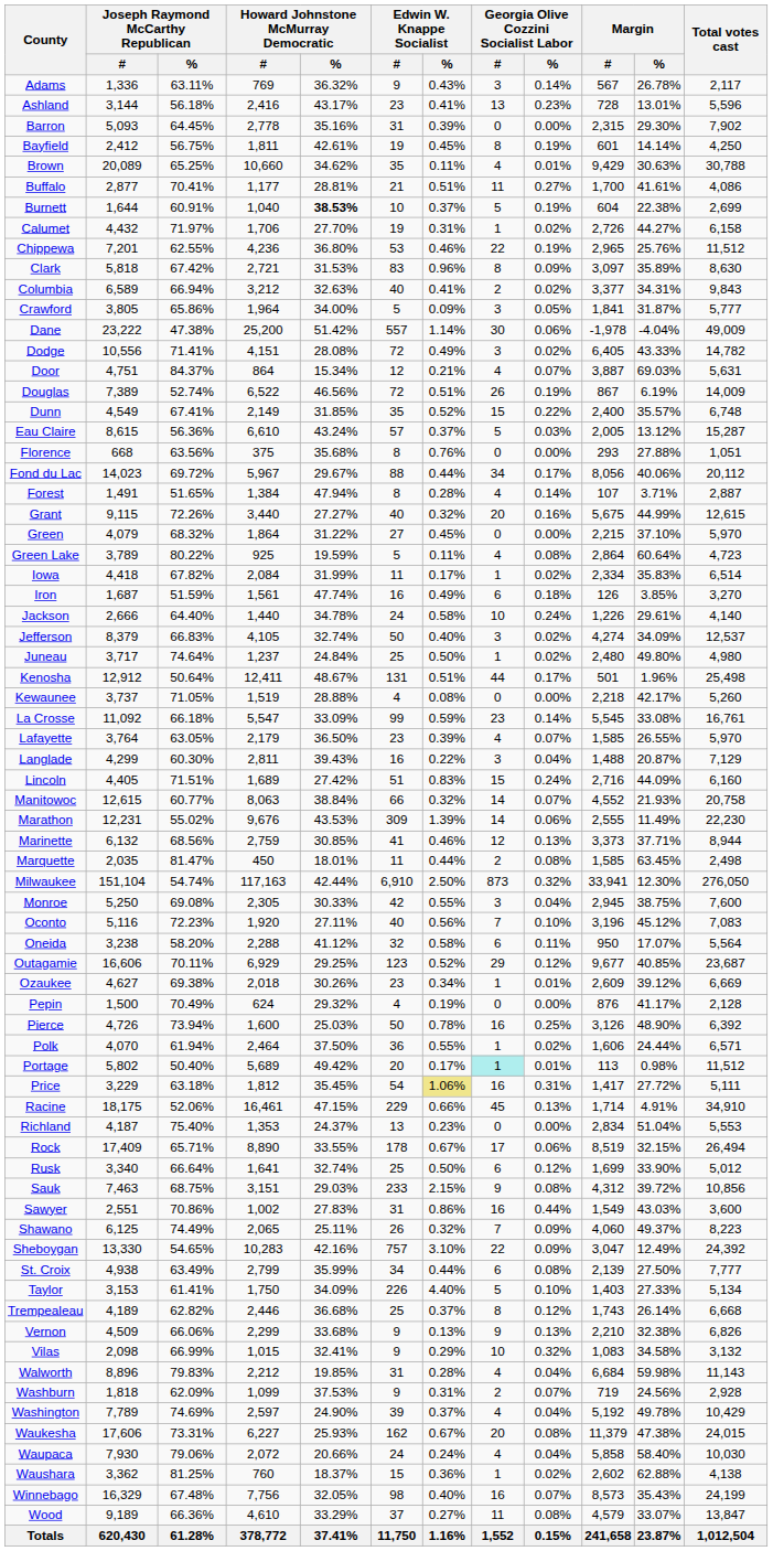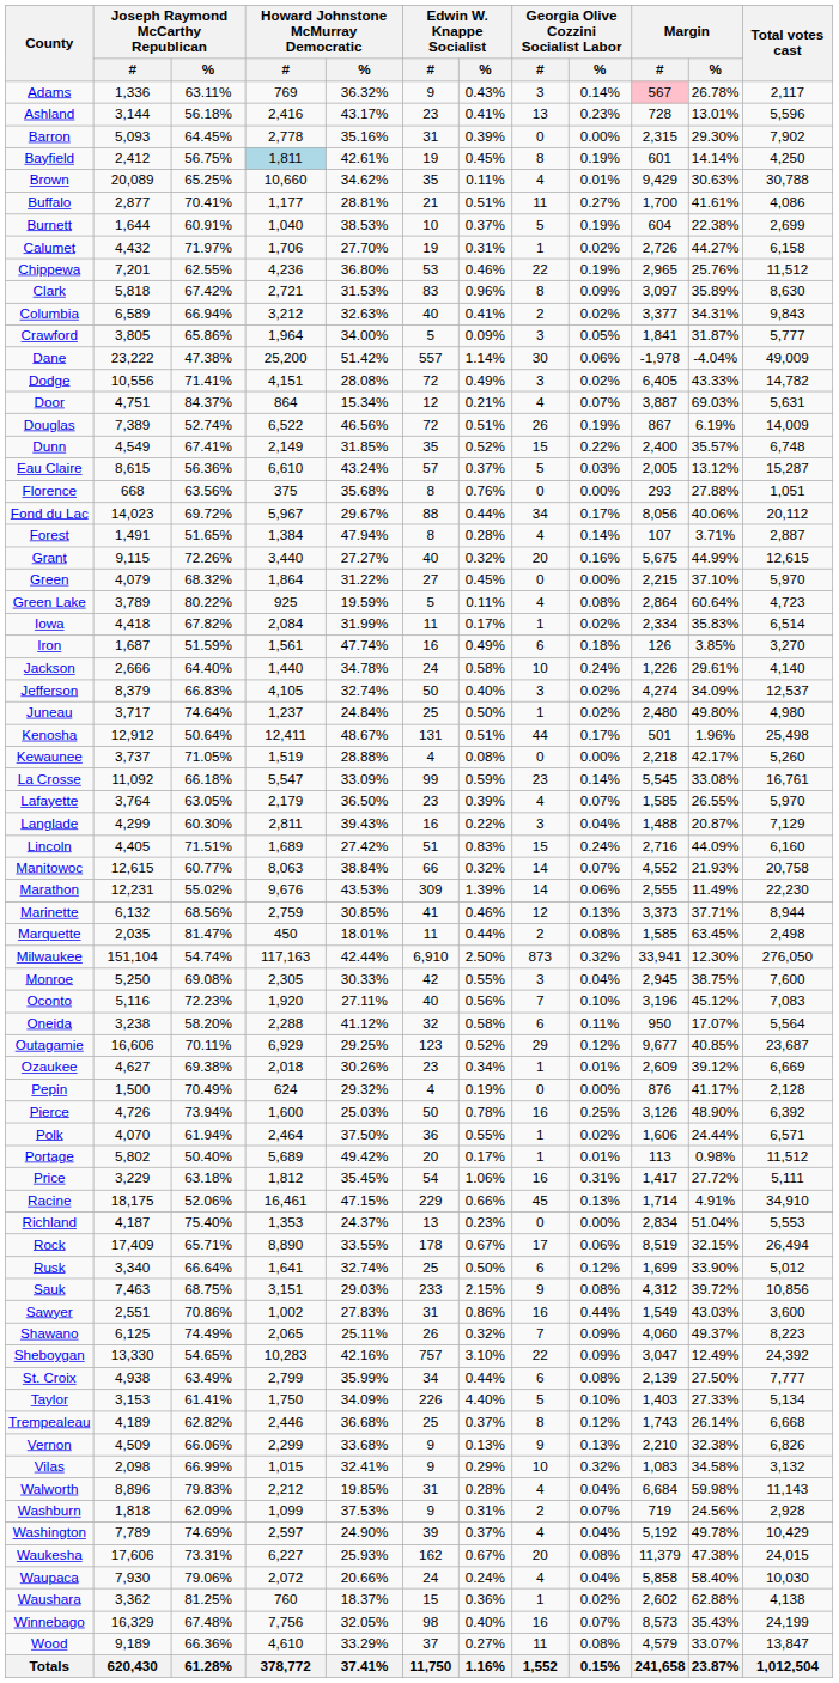 <table width="75%"  class="wikitable sortable" style="text-align:center">
 <tr>
 <th style="text-align:center;" rowspan="2">County</th>
 <th style="text-align:center;" colspan="2">Joseph Raymond McCarthy<br>Republican</th>
 <th style="text-align:center;" colspan="2">Howard Johnstone McMurray<br>Democratic</th>
 <th style="text-align:center;" colspan="2">Edwin W. Knappe<br>Socialist</th>
 <th style="text-align:center;" colspan="2">Georgia Olive Cozzini<br>Socialist Labor</th>
 <th style="text-align:center;" colspan="2">Margin</th>
 <th style="text-align:center;" rowspan="2">Total votes cast</th>
 </tr>
 <tr>
 <th style="text-align:center;" data-sort-type="number">#</th>
 <th style="text-align:center;" data-sort-type="number">%</th>
 <th style="text-align:center;" data-sort-type="number">#</th>
 <th style="text-align:center;" data-sort-type="number">%</th>
 <th style="text-align:center;" data-sort-type="number">#</th>
 <th style="text-align:center;" data-sort-type="number">%</th>
 <th style="text-align:center;" data-sort-type="number">#</th>
 <th style="text-align:center;" data-sort-type="number">%</th>
 <th style="text-align:center;" data-sort-type="number">#</th>
 <th style="text-align:center;" data-sort-type="number">%</th>
 </tr>
 <tr style="text-align:center;">
 <td><a href='#'>Adams</a></td>
 <td>1,336</td>
 <td>63.11%</td>
 <td>769</td>
 <td>36.32%</td>
 <td>9</td>
 <td>0.43%</td>
 <td>3</td>
 <td>0.14%</td>
-<td>567</td>
+<td style="background: pink;">567</td>
 <td>26.78%</td>
 <td>2,117</td>
 </tr>
 <tr style="text-align:center;">
 <td><a href='#'>Ashland</a></td>
 <td>3,144</td>
 <td>56.18%</td>
 <td>2,416</td>
 <td>43.17%</td>
 <td>23</td>
 <td>0.41%</td>
 <td>13</td>
 <td>0.23%</td>
 <td>728</td>
 <td>13.01%</td>
 <td>5,596</td>
 </tr>
 <tr style="text-align:center;">
 <td><a href='#'>Barron</a></td>
 <td>5,093</td>
 <td>64.45%</td>
 <td>2,778</td>
 <td>35.16%</td>
 <td>31</td>
 <td>0.39%</td>
 <td>0</td>
 <td>0.00%</td>
 <td>2,315</td>
 <td>29.30%</td>
 <td>7,902</td>
 </tr>
 <tr style="text-align:center;">
 <td><a href='#'>Bayfield</a></td>
 <td>2,412</td>
 <td>56.75%</td>
-<td>1,811</td>
+<td style="background: lightblue;">1,811</td>
 <td>42.61%</td>
 <td>19</td>
 <td>0.45%</td>
 <td>8</td>
 <td>0.19%</td>
 <td>601</td>
 <td>14.14%</td>
 <td>4,250</td>
 </tr>
 <tr style="text-align:center;">
 <td><a href='#'>Brown</a></td>
 <td>20,089</td>
 <td>65.25%</td>
 <td>10,660</td>
 <td>34.62%</td>
 <td>35</td>
 <td>0.11%</td>
 <td>4</td>
 <td>0.01%</td>
 <td>9,429</td>
 <td>30.63%</td>
 <td>30,788</td>
 </tr>
 <tr style="text-align:center;">
 <td><a href='#'>Buffalo</a></td>
 <td>2,877</td>
 <td>70.41%</td>
 <td>1,177</td>
 <td>28.81%</td>
 <td>21</td>
 <td>0.51%</td>
 <td>11</td>
 <td>0.27%</td>
 <td>1,700</td>
 <td>41.61%</td>
 <td>4,086</td>
 </tr>
 <tr style="text-align:center;">
 <td><a href='#'>Burnett</a></td>
 <td>1,644</td>
 <td>60.91%</td>
 <td>1,040</td>
-<td><strong>38.53%</strong></td>
+<td>38.53%</td>
 <td>10</td>
 <td>0.37%</td>
 <td>5</td>
 <td>0.19%</td>
 <td>604</td>
 <td>22.38%</td>
 <td>2,699</td>
 </tr>
 <tr style="text-align:center;">
 <td><a href='#'>Calumet</a></td>
 <td>4,432</td>
 <td>71.97%</td>
 <td>1,706</td>
 <td>27.70%</td>
 <td>19</td>
 <td>0.31%</td>
 <td>1</td>
 <td>0.02%</td>
 <td>2,726</td>
 <td>44.27%</td>
 <td>6,158</td>
 </tr>
 <tr style="text-align:center;">
 <td><a href='#'>Chippewa</a></td>
 <td>7,201</td>
 <td>62.55%</td>
 <td>4,236</td>
 <td>36.80%</td>
 <td>53</td>
 <td>0.46%</td>
 <td>22</td>
 <td>0.19%</td>
 <td>2,965</td>
 <td>25.76%</td>
 <td>11,512</td>
 </tr>
 <tr style="text-align:center;">
 <td><a href='#'>Clark</a></td>
 <td>5,818</td>
 <td>67.42%</td>
 <td>2,721</td>
 <td>31.53%</td>
 <td>83</td>
 <td>0.96%</td>
 <td>8</td>
 <td>0.09%</td>
 <td>3,097</td>
 <td>35.89%</td>
 <td>8,630</td>
 </tr>
 <tr style="text-align:center;">
 <td><a href='#'>Columbia</a></td>
 <td>6,589</td>
 <td>66.94%</td>
 <td>3,212</td>
 <td>32.63%</td>
 <td>40</td>
 <td>0.41%</td>
 <td>2</td>
 <td>0.02%</td>
 <td>3,377</td>
 <td>34.31%</td>
 <td>9,843</td>
 </tr>
 <tr style="text-align:center;">
 <td><a href='#'>Crawford</a></td>
 <td>3,805</td>
 <td>65.86%</td>
 <td>1,964</td>
 <td>34.00%</td>
 <td>5</td>
 <td>0.09%</td>
 <td>3</td>
 <td>0.05%</td>
 <td>1,841</td>
 <td>31.87%</td>
 <td>5,777</td>
 </tr>
 <tr style="text-align:center;">
 <td><a href='#'>Dane</a></td>
 <td>23,222</td>
 <td>47.38%</td>
 <td>25,200</td>
 <td>51.42%</td>
 <td>557</td>
 <td>1.14%</td>
 <td>30</td>
 <td>0.06%</td>
 <td>-1,978</td>
 <td>-4.04%</td>
 <td>49,009</td>
 </tr>
 <tr style="text-align:center;">
 <td><a href='#'>Dodge</a></td>
 <td>10,556</td>
 <td>71.41%</td>
 <td>4,151</td>
 <td>28.08%</td>
 <td>72</td>
 <td>0.49%</td>
 <td>3</td>
 <td>0.02%</td>
 <td>6,405</td>
 <td>43.33%</td>
 <td>14,782</td>
 </tr>
 <tr style="text-align:center;">
 <td><a href='#'>Door</a></td>
 <td>4,751</td>
 <td>84.37%</td>
 <td>864</td>
 <td>15.34%</td>
 <td>12</td>
 <td>0.21%</td>
 <td>4</td>
 <td>0.07%</td>
 <td>3,887</td>
 <td>69.03%</td>
 <td>5,631</td>
 </tr>
 <tr style="text-align:center;">
 <td><a href='#'>Douglas</a></td>
 <td>7,389</td>
 <td>52.74%</td>
 <td>6,522</td>
 <td>46.56%</td>
 <td>72</td>
 <td>0.51%</td>
 <td>26</td>
 <td>0.19%</td>
 <td>867</td>
 <td>6.19%</td>
 <td>14,009</td>
 </tr>
 <tr style="text-align:center;">
 <td><a href='#'>Dunn</a></td>
 <td>4,549</td>
 <td>67.41%</td>
 <td>2,149</td>
 <td>31.85%</td>
 <td>35</td>
 <td>0.52%</td>
 <td>15</td>
 <td>0.22%</td>
 <td>2,400</td>
 <td>35.57%</td>
 <td>6,748</td>
 </tr>
 <tr style="text-align:center;">
 <td><a href='#'>Eau Claire</a></td>
 <td>8,615</td>
 <td>56.36%</td>
 <td>6,610</td>
 <td>43.24%</td>
 <td>57</td>
 <td>0.37%</td>
 <td>5</td>
 <td>0.03%</td>
 <td>2,005</td>
 <td>13.12%</td>
 <td>15,287</td>
 </tr>
 <tr style="text-align:center;">
 <td><a href='#'>Florence</a></td>
 <td>668</td>
 <td>63.56%</td>
 <td>375</td>
 <td>35.68%</td>
 <td>8</td>
 <td>0.76%</td>
 <td>0</td>
 <td>0.00%</td>
 <td>293</td>
 <td>27.88%</td>
 <td>1,051</td>
 </tr>
 <tr style="text-align:center;">
 <td><a href='#'>Fond du Lac</a></td>
 <td>14,023</td>
 <td>69.72%</td>
 <td>5,967</td>
 <td>29.67%</td>
 <td>88</td>
 <td>0.44%</td>
 <td>34</td>
 <td>0.17%</td>
 <td>8,056</td>
 <td>40.06%</td>
 <td>20,112</td>
 </tr>
 <tr style="text-align:center;">
 <td><a href='#'>Forest</a></td>
 <td>1,491</td>
 <td>51.65%</td>
 <td>1,384</td>
 <td>47.94%</td>
 <td>8</td>
 <td>0.28%</td>
 <td>4</td>
 <td>0.14%</td>
 <td>107</td>
 <td>3.71%</td>
 <td>2,887</td>
 </tr>
 <tr style="text-align:center;">
 <td><a href='#'>Grant</a></td>
 <td>9,115</td>
 <td>72.26%</td>
 <td>3,440</td>
 <td>27.27%</td>
 <td>40</td>
 <td>0.32%</td>
 <td>20</td>
 <td>0.16%</td>
 <td>5,675</td>
 <td>44.99%</td>
 <td>12,615</td>
 </tr>
 <tr style="text-align:center;">
 <td><a href='#'>Green</a></td>
 <td>4,079</td>
 <td>68.32%</td>
 <td>1,864</td>
 <td>31.22%</td>
 <td>27</td>
 <td>0.45%</td>
 <td>0</td>
 <td>0.00%</td>
 <td>2,215</td>
 <td>37.10%</td>
 <td>5,970</td>
 </tr>
 <tr style="text-align:center;">
 <td><a href='#'>Green Lake</a></td>
 <td>3,789</td>
 <td>80.22%</td>
 <td>925</td>
 <td>19.59%</td>
 <td>5</td>
 <td>0.11%</td>
 <td>4</td>
 <td>0.08%</td>
 <td>2,864</td>
 <td>60.64%</td>
 <td>4,723</td>
 </tr>
 <tr style="text-align:center;">
 <td><a href='#'>Iowa</a></td>
 <td>4,418</td>
 <td>67.82%</td>
 <td>2,084</td>
 <td>31.99%</td>
 <td>11</td>
 <td>0.17%</td>
 <td>1</td>
 <td>0.02%</td>
 <td>2,334</td>
 <td>35.83%</td>
 <td>6,514</td>
 </tr>
 <tr style="text-align:center;">
 <td><a href='#'>Iron</a></td>
 <td>1,687</td>
 <td>51.59%</td>
 <td>1,561</td>
 <td>47.74%</td>
 <td>16</td>
 <td>0.49%</td>
 <td>6</td>
 <td>0.18%</td>
 <td>126</td>
 <td>3.85%</td>
 <td>3,270</td>
 </tr>
 <tr style="text-align:center;">
 <td><a href='#'>Jackson</a></td>
 <td>2,666</td>
 <td>64.40%</td>
 <td>1,440</td>
 <td>34.78%</td>
 <td>24</td>
 <td>0.58%</td>
 <td>10</td>
 <td>0.24%</td>
 <td>1,226</td>
 <td>29.61%</td>
 <td>4,140</td>
 </tr>
 <tr style="text-align:center;">
 <td><a href='#'>Jefferson</a></td>
 <td>8,379</td>
 <td>66.83%</td>
 <td>4,105</td>
 <td>32.74%</td>
 <td>50</td>
 <td>0.40%</td>
 <td>3</td>
 <td>0.02%</td>
 <td>4,274</td>
 <td>34.09%</td>
 <td>12,537</td>
 </tr>
 <tr style="text-align:center;">
 <td><a href='#'>Juneau</a></td>
 <td>3,717</td>
 <td>74.64%</td>
 <td>1,237</td>
 <td>24.84%</td>
 <td>25</td>
 <td>0.50%</td>
 <td>1</td>
 <td>0.02%</td>
 <td>2,480</td>
 <td>49.80%</td>
 <td>4,980</td>
 </tr>
 <tr style="text-align:center;">
 <td><a href='#'>Kenosha</a></td>
 <td>12,912</td>
 <td>50.64%</td>
 <td>12,411</td>
 <td>48.67%</td>
 <td>131</td>
 <td>0.51%</td>
 <td>44</td>
 <td>0.17%</td>
 <td>501</td>
 <td>1.96%</td>
 <td>25,498</td>
 </tr>
 <tr style="text-align:center;">
 <td><a href='#'>Kewaunee</a></td>
 <td>3,737</td>
 <td>71.05%</td>
 <td>1,519</td>
 <td>28.88%</td>
 <td>4</td>
 <td>0.08%</td>
 <td>0</td>
 <td>0.00%</td>
 <td>2,218</td>
 <td>42.17%</td>
 <td>5,260</td>
 </tr>
 <tr style="text-align:center;">
 <td><a href='#'>La Crosse</a></td>
 <td>11,092</td>
 <td>66.18%</td>
 <td>5,547</td>
 <td>33.09%</td>
 <td>99</td>
 <td>0.59%</td>
 <td>23</td>
 <td>0.14%</td>
 <td>5,545</td>
 <td>33.08%</td>
 <td>16,761</td>
 </tr>
 <tr style="text-align:center;">
 <td><a href='#'>Lafayette</a></td>
 <td>3,764</td>
 <td>63.05%</td>
 <td>2,179</td>
 <td>36.50%</td>
 <td>23</td>
 <td>0.39%</td>
 <td>4</td>
 <td>0.07%</td>
 <td>1,585</td>
 <td>26.55%</td>
 <td>5,970</td>
 </tr>
 <tr style="text-align:center;">
 <td><a href='#'>Langlade</a></td>
 <td>4,299</td>
 <td>60.30%</td>
 <td>2,811</td>
 <td>39.43%</td>
 <td>16</td>
 <td>0.22%</td>
 <td>3</td>
 <td>0.04%</td>
 <td>1,488</td>
 <td>20.87%</td>
 <td>7,129</td>
 </tr>
 <tr style="text-align:center;">
 <td><a href='#'>Lincoln</a></td>
 <td>4,405</td>
 <td>71.51%</td>
 <td>1,689</td>
 <td>27.42%</td>
 <td>51</td>
 <td>0.83%</td>
 <td>15</td>
 <td>0.24%</td>
 <td>2,716</td>
 <td>44.09%</td>
 <td>6,160</td>
 </tr>
 <tr style="text-align:center;">
 <td><a href='#'>Manitowoc</a></td>
 <td>12,615</td>
 <td>60.77%</td>
 <td>8,063</td>
 <td>38.84%</td>
 <td>66</td>
 <td>0.32%</td>
 <td>14</td>
 <td>0.07%</td>
 <td>4,552</td>
 <td>21.93%</td>
 <td>20,758</td>
 </tr>
 <tr style="text-align:center;">
 <td><a href='#'>Marathon</a></td>
 <td>12,231</td>
 <td>55.02%</td>
 <td>9,676</td>
 <td>43.53%</td>
 <td>309</td>
 <td>1.39%</td>
 <td>14</td>
 <td>0.06%</td>
 <td>2,555</td>
 <td>11.49%</td>
 <td>22,230</td>
 </tr>
 <tr style="text-align:center;">
 <td><a href='#'>Marinette</a></td>
 <td>6,132</td>
 <td>68.56%</td>
 <td>2,759</td>
 <td>30.85%</td>
 <td>41</td>
 <td>0.46%</td>
 <td>12</td>
 <td>0.13%</td>
 <td>3,373</td>
 <td>37.71%</td>
 <td>8,944</td>
 </tr>
 <tr style="text-align:center;">
 <td><a href='#'>Marquette</a></td>
 <td>2,035</td>
 <td>81.47%</td>
 <td>450</td>
 <td>18.01%</td>
 <td>11</td>
 <td>0.44%</td>
 <td>2</td>
 <td>0.08%</td>
 <td>1,585</td>
 <td>63.45%</td>
 <td>2,498</td>
 </tr>
 <tr style="text-align:center;">
 <td><a href='#'>Milwaukee</a></td>
 <td>151,104</td>
 <td>54.74%</td>
 <td>117,163</td>
 <td>42.44%</td>
 <td>6,910</td>
 <td>2.50%</td>
 <td>873</td>
 <td>0.32%</td>
 <td>33,941</td>
 <td>12.30%</td>
 <td>276,050</td>
 </tr>
 <tr style="text-align:center;">
 <td><a href='#'>Monroe</a></td>
 <td>5,250</td>
 <td>69.08%</td>
 <td>2,305</td>
 <td>30.33%</td>
 <td>42</td>
 <td>0.55%</td>
 <td>3</td>
 <td>0.04%</td>
 <td>2,945</td>
 <td>38.75%</td>
 <td>7,600</td>
 </tr>
 <tr style="text-align:center;">
 <td><a href='#'>Oconto</a></td>
 <td>5,116</td>
 <td>72.23%</td>
 <td>1,920</td>
 <td>27.11%</td>
 <td>40</td>
 <td>0.56%</td>
 <td>7</td>
 <td>0.10%</td>
 <td>3,196</td>
 <td>45.12%</td>
 <td>7,083</td>
 </tr>
 <tr style="text-align:center;">
 <td><a href='#'>Oneida</a></td>
 <td>3,238</td>
 <td>58.20%</td>
 <td>2,288</td>
 <td>41.12%</td>
 <td>32</td>
 <td>0.58%</td>
 <td>6</td>
 <td>0.11%</td>
 <td>950</td>
 <td>17.07%</td>
 <td>5,564</td>
 </tr>
 <tr style="text-align:center;">
 <td><a href='#'>Outagamie</a></td>
 <td>16,606</td>
 <td>70.11%</td>
 <td>6,929</td>
 <td>29.25%</td>
 <td>123</td>
 <td>0.52%</td>
 <td>29</td>
 <td>0.12%</td>
 <td>9,677</td>
 <td>40.85%</td>
 <td>23,687</td>
 </tr>
 <tr style="text-align:center;">
 <td><a href='#'>Ozaukee</a></td>
 <td>4,627</td>
 <td>69.38%</td>
 <td>2,018</td>
 <td>30.26%</td>
 <td>23</td>
 <td>0.34%</td>
 <td>1</td>
 <td>0.01%</td>
 <td>2,609</td>
 <td>39.12%</td>
 <td>6,669</td>
 </tr>
 <tr style="text-align:center;">
 <td><a href='#'>Pepin</a></td>
 <td>1,500</td>
 <td>70.49%</td>
 <td>624</td>
 <td>29.32%</td>
 <td>4</td>
 <td>0.19%</td>
 <td>0</td>
 <td>0.00%</td>
 <td>876</td>
 <td>41.17%</td>
 <td>2,128</td>
 </tr>
 <tr style="text-align:center;">
 <td><a href='#'>Pierce</a></td>
 <td>4,726</td>
 <td>73.94%</td>
 <td>1,600</td>
 <td>25.03%</td>
 <td>50</td>
 <td>0.78%</td>
 <td>16</td>
 <td>0.25%</td>
 <td>3,126</td>
 <td>48.90%</td>
 <td>6,392</td>
 </tr>
 <tr style="text-align:center;">
 <td><a href='#'>Polk</a></td>
 <td>4,070</td>
 <td>61.94%</td>
 <td>2,464</td>
 <td>37.50%</td>
 <td>36</td>
 <td>0.55%</td>
 <td>1</td>
 <td>0.02%</td>
 <td>1,606</td>
 <td>24.44%</td>
 <td>6,571</td>
 </tr>
 <tr style="text-align:center;">
 <td><a href='#'>Portage</a></td>
 <td>5,802</td>
 <td>50.40%</td>
 <td>5,689</td>
 <td>49.42%</td>
 <td>20</td>
 <td>0.17%</td>
-<td style="background: paleturquoise;">1</td>
+<td>1</td>
 <td>0.01%</td>
 <td>113</td>
 <td>0.98%</td>
 <td>11,512</td>
 </tr>
 <tr style="text-align:center;">
 <td><a href='#'>Price</a></td>
 <td>3,229</td>
 <td>63.18%</td>
 <td>1,812</td>
 <td>35.45%</td>
 <td>54</td>
-<td style="background: khaki;">1.06%</td>
+<td>1.06%</td>
 <td>16</td>
 <td>0.31%</td>
 <td>1,417</td>
 <td>27.72%</td>
 <td>5,111</td>
 </tr>
 <tr style="text-align:center;">
 <td><a href='#'>Racine</a></td>
 <td>18,175</td>
 <td>52.06%</td>
 <td>16,461</td>
 <td>47.15%</td>
 <td>229</td>
 <td>0.66%</td>
 <td>45</td>
 <td>0.13%</td>
 <td>1,714</td>
 <td>4.91%</td>
 <td>34,910</td>
 </tr>
 <tr style="text-align:center;">
 <td><a href='#'>Richland</a></td>
 <td>4,187</td>
 <td>75.40%</td>
 <td>1,353</td>
 <td>24.37%</td>
 <td>13</td>
 <td>0.23%</td>
 <td>0</td>
 <td>0.00%</td>
 <td>2,834</td>
 <td>51.04%</td>
 <td>5,553</td>
 </tr>
 <tr style="text-align:center;">
 <td><a href='#'>Rock</a></td>
 <td>17,409</td>
 <td>65.71%</td>
 <td>8,890</td>
 <td>33.55%</td>
 <td>178</td>
 <td>0.67%</td>
 <td>17</td>
 <td>0.06%</td>
 <td>8,519</td>
 <td>32.15%</td>
 <td>26,494</td>
 </tr>
 <tr style="text-align:center;">
 <td><a href='#'>Rusk</a></td>
 <td>3,340</td>
 <td>66.64%</td>
 <td>1,641</td>
 <td>32.74%</td>
 <td>25</td>
 <td>0.50%</td>
 <td>6</td>
 <td>0.12%</td>
 <td>1,699</td>
 <td>33.90%</td>
 <td>5,012</td>
 </tr>
 <tr style="text-align:center;">
 <td><a href='#'>Sauk</a></td>
 <td>7,463</td>
 <td>68.75%</td>
 <td>3,151</td>
 <td>29.03%</td>
 <td>233</td>
 <td>2.15%</td>
 <td>9</td>
 <td>0.08%</td>
 <td>4,312</td>
 <td>39.72%</td>
 <td>10,856</td>
 </tr>
 <tr style="text-align:center;">
 <td><a href='#'>Sawyer</a></td>
 <td>2,551</td>
 <td>70.86%</td>
 <td>1,002</td>
 <td>27.83%</td>
 <td>31</td>
 <td>0.86%</td>
 <td>16</td>
 <td>0.44%</td>
 <td>1,549</td>
 <td>43.03%</td>
 <td>3,600</td>
 </tr>
 <tr style="text-align:center;">
 <td><a href='#'>Shawano</a></td>
 <td>6,125</td>
 <td>74.49%</td>
 <td>2,065</td>
 <td>25.11%</td>
 <td>26</td>
 <td>0.32%</td>
 <td>7</td>
 <td>0.09%</td>
 <td>4,060</td>
 <td>49.37%</td>
 <td>8,223</td>
 </tr>
 <tr style="text-align:center;">
 <td><a href='#'>Sheboygan</a></td>
 <td>13,330</td>
 <td>54.65%</td>
 <td>10,283</td>
 <td>42.16%</td>
 <td>757</td>
 <td>3.10%</td>
 <td>22</td>
 <td>0.09%</td>
 <td>3,047</td>
 <td>12.49%</td>
 <td>24,392</td>
 </tr>
 <tr style="text-align:center;">
 <td><a href='#'>St. Croix</a></td>
 <td>4,938</td>
 <td>63.49%</td>
 <td>2,799</td>
 <td>35.99%</td>
 <td>34</td>
 <td>0.44%</td>
 <td>6</td>
 <td>0.08%</td>
 <td>2,139</td>
 <td>27.50%</td>
 <td>7,777</td>
 </tr>
 <tr style="text-align:center;">
 <td><a href='#'>Taylor</a></td>
 <td>3,153</td>
 <td>61.41%</td>
 <td>1,750</td>
 <td>34.09%</td>
 <td>226</td>
 <td>4.40%</td>
 <td>5</td>
 <td>0.10%</td>
 <td>1,403</td>
 <td>27.33%</td>
 <td>5,134</td>
 </tr>
 <tr style="text-align:center;">
 <td><a href='#'>Trempealeau</a></td>
 <td>4,189</td>
 <td>62.82%</td>
 <td>2,446</td>
 <td>36.68%</td>
 <td>25</td>
 <td>0.37%</td>
 <td>8</td>
 <td>0.12%</td>
 <td>1,743</td>
 <td>26.14%</td>
 <td>6,668</td>
 </tr>
 <tr style="text-align:center;">
 <td><a href='#'>Vernon</a></td>
 <td>4,509</td>
 <td>66.06%</td>
 <td>2,299</td>
 <td>33.68%</td>
 <td>9</td>
 <td>0.13%</td>
 <td>9</td>
 <td>0.13%</td>
 <td>2,210</td>
 <td>32.38%</td>
 <td>6,826</td>
 </tr>
 <tr style="text-align:center;">
 <td><a href='#'>Vilas</a></td>
 <td>2,098</td>
 <td>66.99%</td>
 <td>1,015</td>
 <td>32.41%</td>
 <td>9</td>
 <td>0.29%</td>
 <td>10</td>
 <td>0.32%</td>
 <td>1,083</td>
 <td>34.58%</td>
 <td>3,132</td>
 </tr>
 <tr style="text-align:center;">
 <td><a href='#'>Walworth</a></td>
 <td>8,896</td>
 <td>79.83%</td>
 <td>2,212</td>
 <td>19.85%</td>
 <td>31</td>
 <td>0.28%</td>
 <td>4</td>
 <td>0.04%</td>
 <td>6,684</td>
 <td>59.98%</td>
 <td>11,143</td>
 </tr>
 <tr style="text-align:center;">
 <td><a href='#'>Washburn</a></td>
 <td>1,818</td>
 <td>62.09%</td>
 <td>1,099</td>
 <td>37.53%</td>
 <td>9</td>
 <td>0.31%</td>
 <td>2</td>
 <td>0.07%</td>
 <td>719</td>
 <td>24.56%</td>
 <td>2,928</td>
 </tr>
 <tr style="text-align:center;">
 <td><a href='#'>Washington</a></td>
 <td>7,789</td>
 <td>74.69%</td>
 <td>2,597</td>
 <td>24.90%</td>
 <td>39</td>
 <td>0.37%</td>
 <td>4</td>
 <td>0.04%</td>
 <td>5,192</td>
 <td>49.78%</td>
 <td>10,429</td>
 </tr>
 <tr style="text-align:center;">
 <td><a href='#'>Waukesha</a></td>
 <td>17,606</td>
 <td>73.31%</td>
 <td>6,227</td>
 <td>25.93%</td>
 <td>162</td>
 <td>0.67%</td>
 <td>20</td>
 <td>0.08%</td>
 <td>11,379</td>
 <td>47.38%</td>
 <td>24,015</td>
 </tr>
 <tr style="text-align:center;">
 <td><a href='#'>Waupaca</a></td>
 <td>7,930</td>
 <td>79.06%</td>
 <td>2,072</td>
 <td>20.66%</td>
 <td>24</td>
 <td>0.24%</td>
 <td>4</td>
 <td>0.04%</td>
 <td>5,858</td>
 <td>58.40%</td>
 <td>10,030</td>
 </tr>
 <tr style="text-align:center;">
 <td><a href='#'>Waushara</a></td>
 <td>3,362</td>
 <td>81.25%</td>
 <td>760</td>
 <td>18.37%</td>
 <td>15</td>
 <td>0.36%</td>
 <td>1</td>
 <td>0.02%</td>
 <td>2,602</td>
 <td>62.88%</td>
 <td>4,138</td>
 </tr>
 <tr style="text-align:center;">
 <td><a href='#'>Winnebago</a></td>
 <td>16,329</td>
 <td>67.48%</td>
 <td>7,756</td>
 <td>32.05%</td>
 <td>98</td>
 <td>0.40%</td>
 <td>16</td>
 <td>0.07%</td>
 <td>8,573</td>
 <td>35.43%</td>
 <td>24,199</td>
 </tr>
 <tr style="text-align:center;">
 <td><a href='#'>Wood</a></td>
 <td>9,189</td>
 <td>66.36%</td>
 <td>4,610</td>
 <td>33.29%</td>
 <td>37</td>
 <td>0.27%</td>
 <td>11</td>
 <td>0.08%</td>
 <td>4,579</td>
 <td>33.07%</td>
 <td>13,847</td>
 </tr>
 <tr style="text-align:center;">
 <th>Totals</th>
 <th>620,430</th>
 <th>61.28%</th>
 <th>378,772</th>
 <th>37.41%</th>
 <th>11,750</th>
 <th>1.16%</th>
 <th>1,552</th>
 <th>0.15%</th>
 <th>241,658</th>
 <th>23.87%</th>
 <th>1,012,504</th>
 </tr>
 </table>
